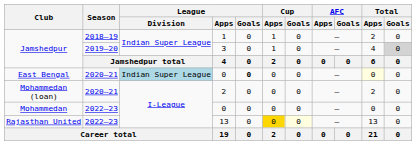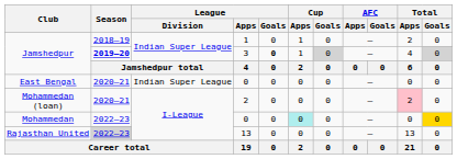 <table class="wikitable" style="text-align: center;">
 <tr>
 <th rowspan="2">Club</th>
 <th rowspan="2">Season</th>
 <th colspan="3">League</th>
 <th colspan="2">Cup</th>
 <th colspan="2"><a href='#'>AFC</a></th>
 <th colspan="2">Total</th>
 </tr>
 <tr>
 <th>Division</th>
 <th>Apps</th>
 <th>Goals</th>
 <th>Apps</th>
 <th>Goals</th>
 <th>Apps</th>
 <th>Goals</th>
 <th>Apps</th>
 <th>Goals</th>
 </tr>
 <tr>
 <td rowspan="3"><a href='#'>Jamshedpur</a></td>
 <td><a href='#'>2018–19</a></td>
 <td rowspan="2"><a href='#'>Indian Super League</a></td>
 <td>1</td>
 <td>0</td>
 <td>1</td>
 <td>0</td>
 <td colspan="2">—</td>
 <td>2</td>
 <td>0</td>
 </tr>
 <tr>
-<td><a href='#'>2019–20</a></td>
+<td><strong><a href='#'>2019–20</a></strong></td>
 <td>3</td>
-<td>0</td>
+<td><strong>0</strong></td>
 <td>1</td>
-<td>0</td>
+<td style="background: lightgrey;">0</td>
 <td colspan="2">—</td>
 <td>4</td>
 <td style="background: lightgrey;">0</td>
 </tr>
 <tr>
 <th colspan="2">Jamshedpur total</th>
 <th>4</th>
 <th>0</th>
 <th>2</th>
 <th>0</th>
 <th>0</th>
 <th>0</th>
 <th>6</th>
 <th>0</th>
 </tr>
 <tr>
 <td rowspan="1"><a href='#'>East Bengal</a></td>
 <td><a href='#'>2020–21</a></td>
-<td rowspan="1" style="background: lightblue;">Indian Super League</td>
+<td rowspan="1">Indian Super League</td>
 <td>0</td>
-<td><strong>0</strong></td>
+<td>0</td>
 <td>0</td>
 <td>0</td>
 <td colspan="2">—</td>
-<td style="background: lightyellow;">0</td>
+<td>0</td>
 <td>0</td>
 </tr>
 <tr>
 <td rowspan="1"><a href='#'>Mohammedan</a> <br>(loan)</td>
 <td><a href='#'>2020–21</a></td>
 <td rowspan="3"><a href='#'>I-League</a></td>
 <td>2</td>
 <td>0</td>
 <td>0</td>
 <td>0</td>
 <td colspan="2">—</td>
-<td>2</td>
+<td style="background: pink;">2</td>
 <td>0</td>
 </tr>
 <tr>
 <td rowspan="1"><a href='#'>Mohammedan</a></td>
 <td><a href='#'>2022–23</a></td>
 <td>0</td>
 <td>0</td>
-<td>0</td>
+<td style="background: paleturquoise;">0</td>
 <td>0</td>
 <td colspan="2">—</td>
 <td>0</td>
-<td>0</td>
+<td style="background: gold;">0</td>
 </tr>
 <tr>
 <td rowspan="1"><a href='#'>Rajasthan United</a></td>
-<td><a href='#'>2022–23</a></td>
+<td style="background: lightgrey;"><a href='#'>2022–23</a></td>
 <td>13</td>
 <td>0</td>
-<td style="background: gold;">0</td>
-<td style="background: lightyellow;">0</td>
+<td>0</td>
+<td>0</td>
 <td colspan="2">—</td>
 <td>13</td>
 <td>0</td>
 </tr>
 <tr>
 <th colspan="3">Career total</th>
 <th>19</th>
 <th>0</th>
 <th>2</th>
 <th>0</th>
 <th>0</th>
 <th>0</th>
 <th>21</th>
 <th>0</th>
 </tr>
 </table>
